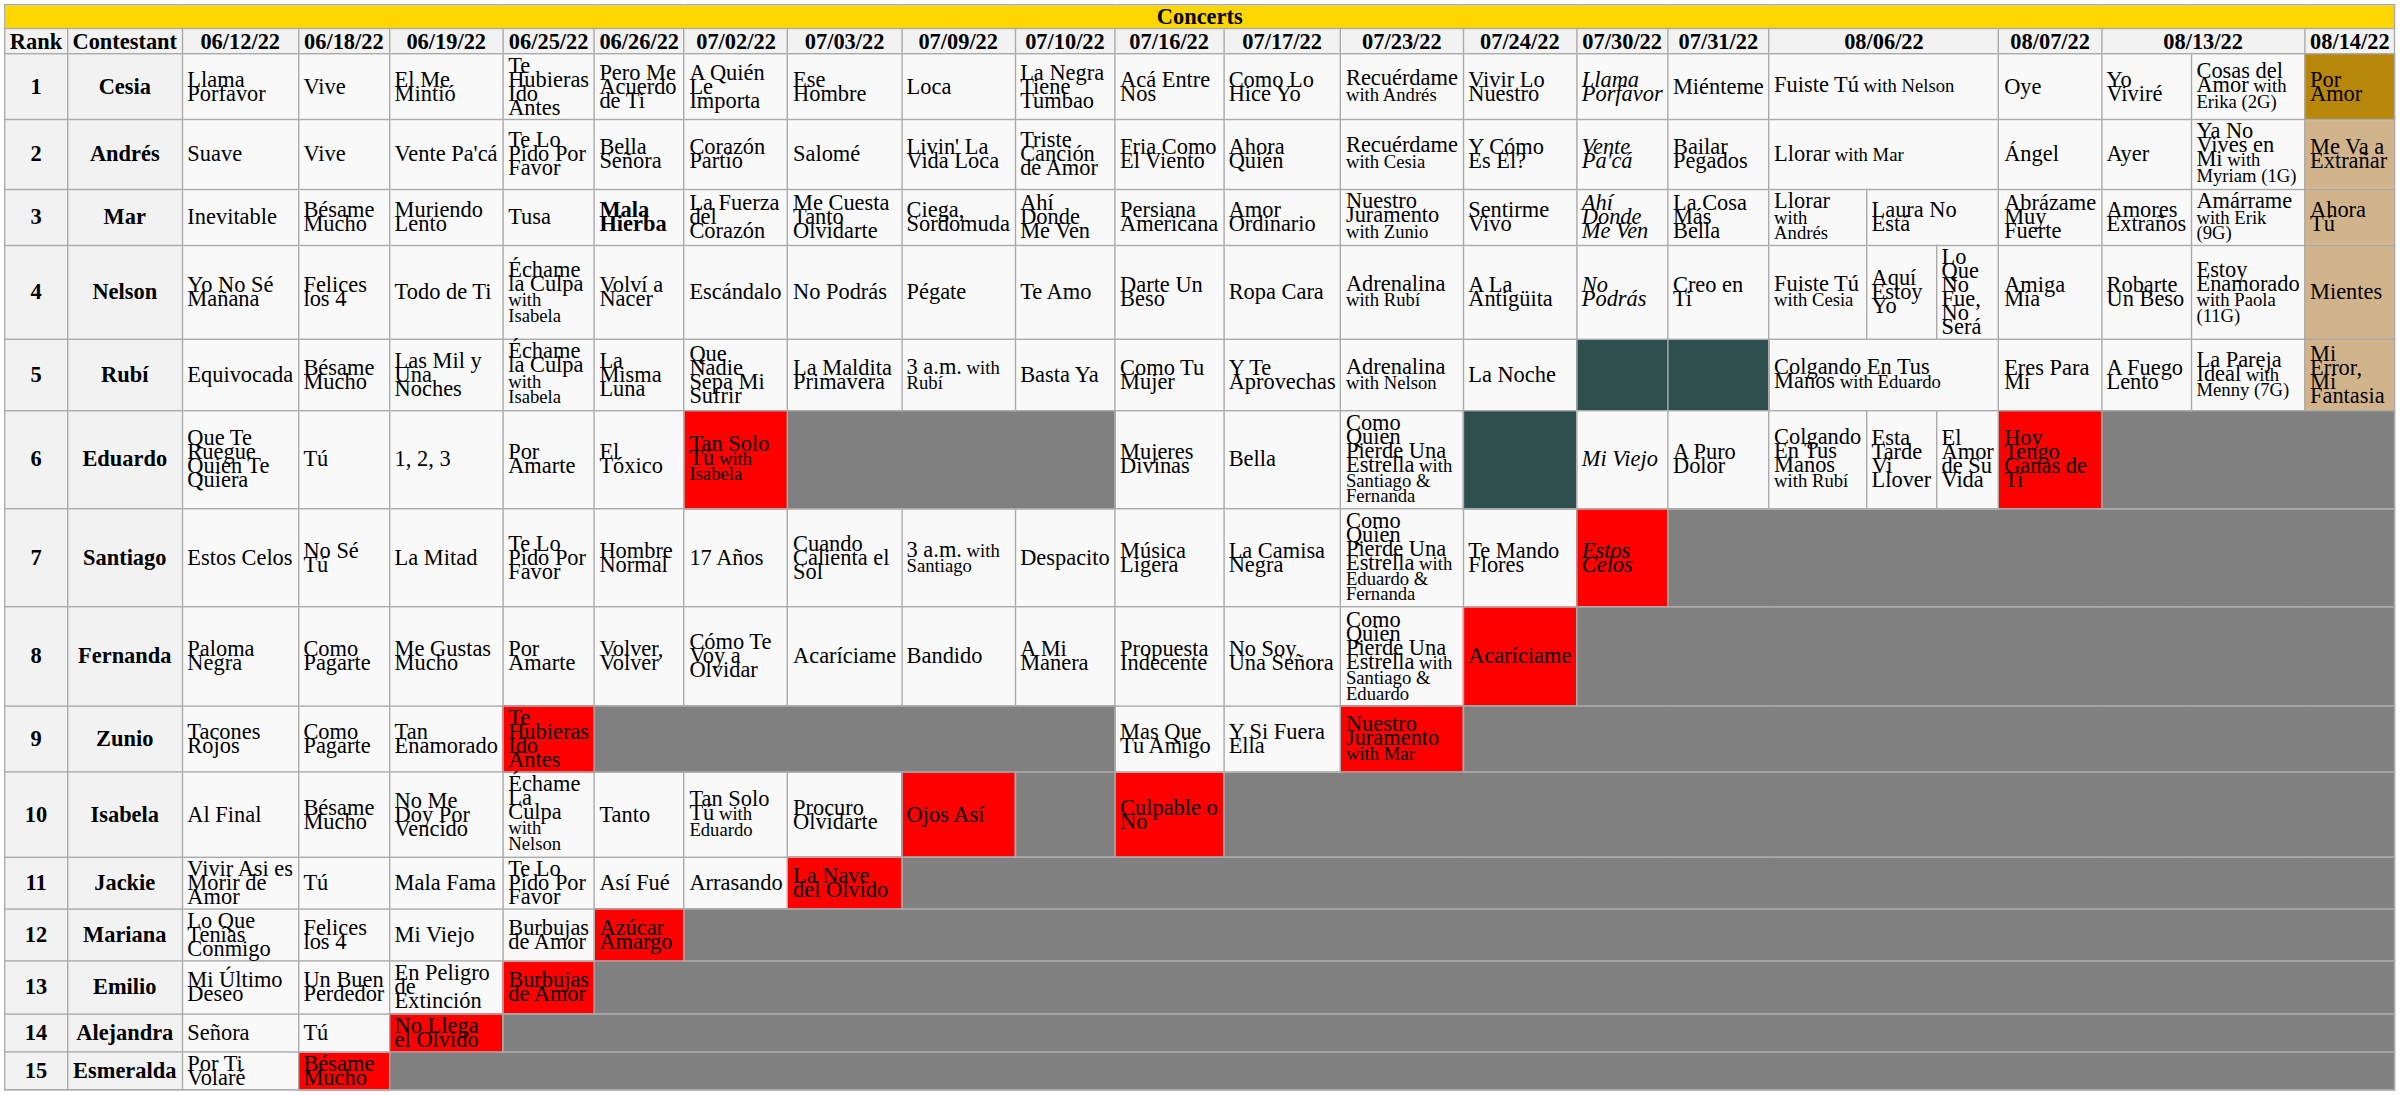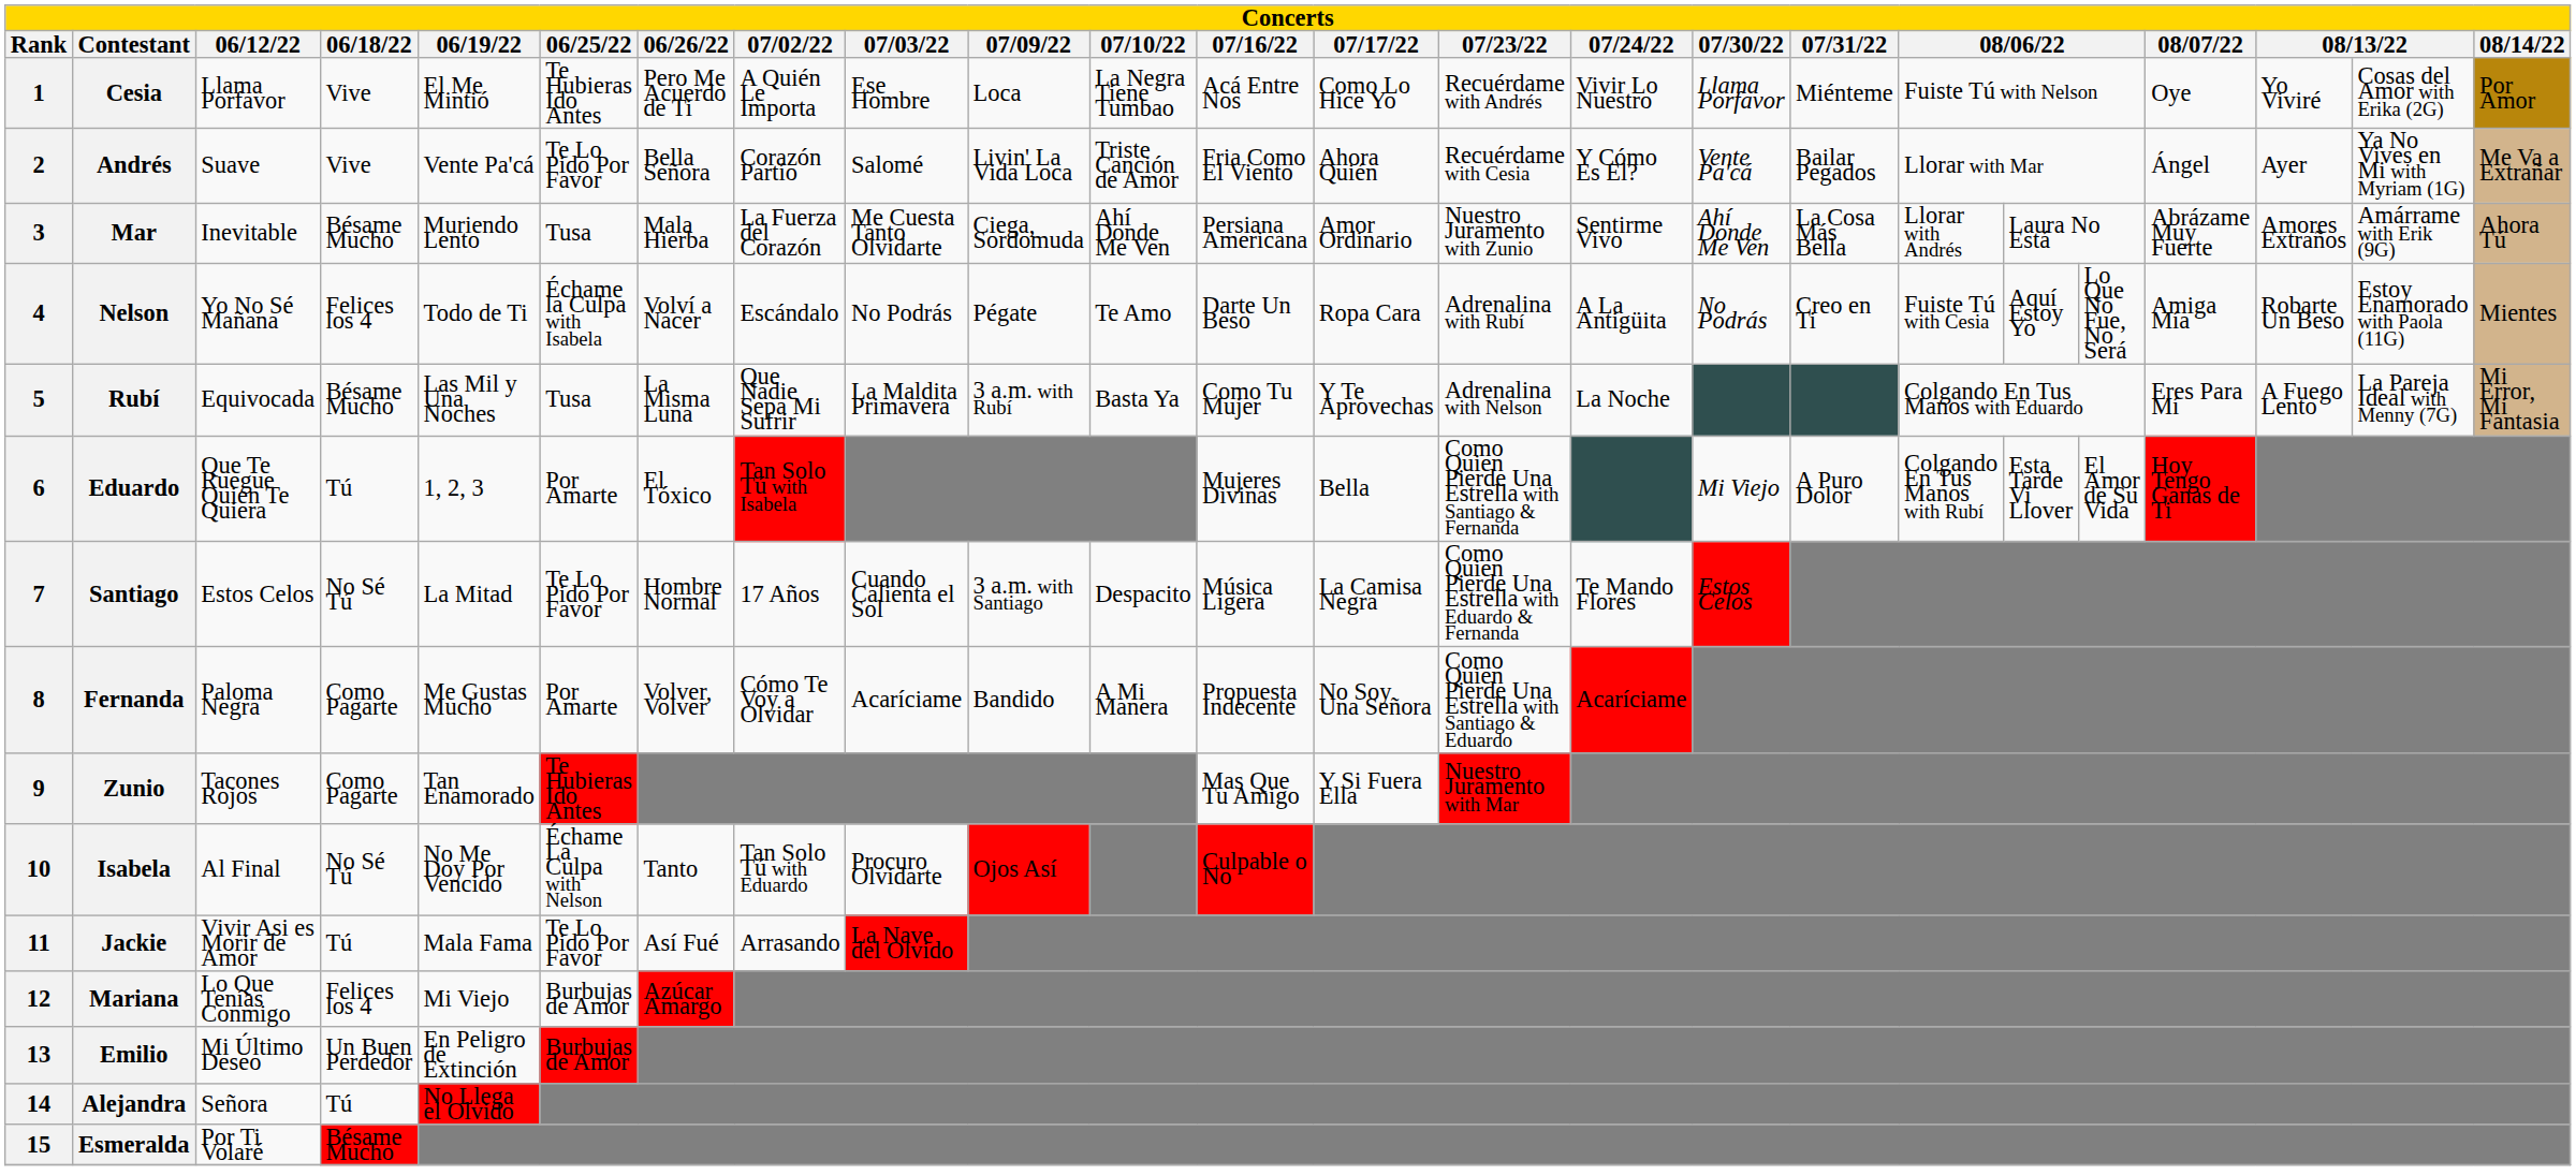 <table class="wikitable collapsible collapsed" style="text-align:left; line-height:10px; line-width:12px;">
 <tr>
 <th colspan="26" style="background:gold; color:Black;">Concerts</th>
 </tr>
 <tr>
 <th>Rank</th>
 <th>Contestant</th>
 <th>06/12/22</th>
 <th>06/18/22</th>
 <th>06/19/22</th>
 <th>06/25/22</th>
 <th>06/26/22</th>
 <th>07/02/22</th>
 <th>07/03/22</th>
 <th>07/09/22</th>
 <th>07/10/22</th>
 <th>07/16/22</th>
 <th>07/17/22</th>
 <th>07/23/22</th>
 <th>07/24/22</th>
 <th>07/30/22</th>
 <th>07/31/22</th>
 <th colspan="3">08/06/22</th>
 <th>08/07/22</th>
 <th colspan="2">08/13/22</th>
 <th>08/14/22</th>
 </tr>
 <tr>
 <th>1</th>
 <th>Cesia</th>
 <td>Llama Porfavor</td>
 <td>Vive</td>
 <td>El Me Mintió</td>
 <td>Te Hubieras Ido Antes</td>
 <td>Pero Me Acuerdo de Ti</td>
 <td>A Quién Le Importa</td>
 <td>Ese Hombre</td>
 <td>Loca</td>
 <td>La Negra Tiene Tumbao</td>
 <td>Acá Entre Nos</td>
 <td>Como Lo Hice Yo</td>
 <td>Recuérdame<small> with Andrés</small></td>
 <td>Vivir Lo Nuestro</td>
 <td><em>Llama Porfavor</em></td>
 <td>Miénteme</td>
 <td colspan="3">Fuiste Tú<small> with Nelson</small></td>
 <td>Oye</td>
 <td>Yo Viviré</td>
 <td>Cosas del Amor<small> with Erika (2G) </small></td>
 <td style="background:DarkGoldenrod;">Por Amor</td>
 </tr>
 <tr>
 <th>2</th>
 <th>Andrés</th>
 <td>Suave</td>
 <td>Vive</td>
 <td>Vente Pa'cá</td>
 <td>Te Lo Pido Por Favor</td>
 <td>Bella Señora</td>
 <td>Corazón Partío</td>
 <td>Salomé</td>
 <td>Livin' La Vida Loca</td>
 <td>Triste Canción de Amor</td>
 <td>Fria Como El Viento</td>
 <td>Ahora Quién</td>
 <td>Recuérdame<small> with Cesia</small></td>
 <td>Y Cómo Es El?</td>
 <td><em>Vente Pa'cá</em></td>
 <td>Bailar Pegados</td>
 <td colspan="3">Llorar<small> with Mar</small></td>
 <td>Ángel</td>
 <td>Ayer</td>
 <td>Ya No Vives en Mi<small> with Myriam (1G) </small></td>
 <td style="background:Tan;">Me Va a Extrañar</td>
 </tr>
 <tr>
 <th>3</th>
 <th>Mar</th>
 <td>Inevitable</td>
 <td>Bésame Mucho</td>
 <td>Muriendo Lento</td>
 <td>Tusa</td>
-<td><strong>Mala Hierba</strong></td>
+<td>Mala Hierba</td>
 <td>La Fuerza del Corazón</td>
 <td>Me Cuesta Tanto Olvidarte</td>
 <td>Ciega, Sordomuda</td>
 <td>Ahí Donde Me Ven</td>
 <td>Persiana Americana</td>
 <td>Amor Ordinario</td>
 <td>Nuestro Juramento<small> with Zunio</small></td>
 <td>Sentirme Vivo</td>
 <td><em>Ahí Donde Me Ven</em></td>
 <td>La Cosa Más Bella</td>
 <td>Llorar<small> with Andrés</small></td>
 <td colspan="2">Laura No Está</td>
 <td>Abrázame Muy Fuerte</td>
 <td>Amores Extraños</td>
 <td>Amárrame<small> with Erik (9G) </small></td>
 <td style="background:Tan;">Ahora Tú</td>
 </tr>
 <tr>
 <th>4</th>
 <th>Nelson</th>
 <td>Yo No Sé Mañana</td>
 <td>Felices los 4</td>
 <td>Todo de Ti</td>
 <td>Échame la Culpa<small> with Isabela</small></td>
 <td>Volví a Nacer</td>
 <td>Escándalo</td>
 <td>No Podrás</td>
 <td>Pégate</td>
 <td>Te Amo</td>
 <td>Darte Un Beso</td>
 <td>Ropa Cara</td>
 <td>Adrenalina<small> with Rubí</small></td>
 <td>A La Antigüita</td>
 <td><em>No Podrás</em></td>
 <td>Creo en Ti</td>
 <td>Fuiste Tú<small> with Cesia</small></td>
 <td>Aquí Estoy Yo</td>
 <td>Lo Que No Fue, No Será</td>
 <td>Amiga Mía</td>
 <td>Robarte Un Beso</td>
 <td>Estoy Enamorado<small> with Paola (11G) </small></td>
 <td style="background:Tan;">Mientes</td>
 </tr>
 <tr>
 <th>5</th>
 <th>Rubí</th>
 <td>Equivocada</td>
 <td>Bésame Mucho</td>
 <td>Las Mil y Una Noches</td>
-<td>Échame la Culpa<small> with Isabela</small></td>
+<td>Tusa</td>
 <td>La Misma Luna</td>
 <td>Que Nadie Sepa Mi Sufrir</td>
 <td>La Maldita Primavera</td>
 <td>3 a.m.<small> with Rubí</small></td>
 <td>Basta Ya</td>
 <td>Como Tu Mujer</td>
 <td>Y Te Aprovechas</td>
 <td>Adrenalina<small> with Nelson</small></td>
 <td>La Noche</td>
 <td style="background:DarkSlategrey;"></td>
 <td style="background:DarkSlategrey;"></td>
 <td colspan="3">Colgando En Tus Manos<small> with Eduardo</small></td>
 <td>Eres Para Mí</td>
 <td>A Fuego Lento</td>
 <td>La Pareja Ideal<small> with Menny (7G) </small></td>
 <td style="background:Tan;">Mi Error, Mi Fantasia</td>
 </tr>
 <tr>
 <th>6</th>
 <th>Eduardo</th>
 <td>Que Te Ruegue Quien Te Quiera</td>
 <td>Tú</td>
 <td>1, 2, 3</td>
 <td>Por Amarte</td>
 <td>El Tóxico</td>
 <td style="background:red;">Tan Solo Tú<small> with Isabela</small></td>
 <td style="background:gray;" colspan="3"></td>
 <td>Mujeres Divinas</td>
 <td>Bella</td>
 <td>Como Quien Pierde Una Estrella<small> with Santiago & Fernanda</small></td>
 <td style="background:DarkSlategrey;"></td>
 <td><em>Mi Viejo</em></td>
 <td>A Puro Dolor</td>
 <td>Colgando En Tus Manos<small> with Rubí</small></td>
 <td>Esta Tarde Vi Llover</td>
 <td>El Amor de Su Vida</td>
 <td style="background:red;">Hoy Tengo Ganas de Ti</td>
 <td style="background:gray;" colspan="22"></td>
 </tr>
 <tr>
 <th>7</th>
 <th>Santiago</th>
 <td>Estos Celos</td>
 <td>No Sé Tú</td>
 <td>La Mitad</td>
 <td>Te Lo Pido Por Favor</td>
 <td>Hombre Normal</td>
 <td>17 Años</td>
 <td>Cuando Calienta el Sol</td>
 <td>3 a.m.<small> with Santiago</small></td>
 <td>Despacito</td>
 <td>Música Ligera</td>
 <td>La Camisa Negra</td>
 <td>Como Quien Pierde Una Estrella<small> with Eduardo & Fernanda</small></td>
 <td>Te Mando Flores</td>
 <td style="background:red;"><em>Estos Celos</em></td>
 <td style="background:gray;" colspan="22"></td>
 </tr>
 <tr>
 <th>8</th>
 <th>Fernanda</th>
 <td>Paloma Negra</td>
 <td>Como Pagarte</td>
 <td>Me Gustas Mucho</td>
 <td>Por Amarte</td>
 <td>Volver, Volver</td>
 <td>Cómo Te Voy a Olvidar</td>
 <td>Acaríciame</td>
 <td>Bandido</td>
 <td>A Mi Manera</td>
 <td>Propuesta Indecente</td>
 <td>No Soy Una Señora</td>
 <td>Como Quien Pierde Una Estrella<small> with Santiago & Eduardo</small></td>
 <td style="background:red;">Acaríciame</td>
 <td style="background:gray;" colspan="22"></td>
 </tr>
 <tr>
 <th>9</th>
 <th>Zunio</th>
 <td>Tacones Rojos</td>
 <td>Como Pagarte</td>
 <td>Tan Enamorado</td>
 <td style="background:red;">Te Hubieras Ido Antes</td>
 <td style="background:gray;" colspan="5"></td>
 <td>Mas Que Tu Amigo</td>
 <td>Y Si Fuera Ella</td>
 <td style="background:red;">Nuestro Juramento<small> with Mar</small></td>
 <td style="background:gray;" colspan="22"></td>
 </tr>
 <tr>
 <th>10</th>
 <th>Isabela</th>
 <td>Al Final</td>
-<td>Bésame Mucho</td>
+<td>No Sé Tú</td>
 <td>No Me Doy Por Vencido</td>
 <td>Échame La Culpa<small> with Nelson</small></td>
 <td>Tanto</td>
 <td>Tan Solo Tú<small> with Eduardo</small></td>
 <td>Procuro Olvidarte</td>
 <td style="background:red;">Ojos Así</td>
 <td style="background:gray;"></td>
 <td style="background:red;">Culpable o No</td>
 <td style="background:gray;" colspan="22"></td>
 </tr>
 <tr>
 <th>11</th>
 <th>Jackie</th>
 <td>Vivir Asi es Morir de Amor</td>
 <td>Tú</td>
 <td>Mala Fama</td>
 <td>Te Lo Pido Por Favor</td>
 <td>Así Fué</td>
 <td>Arrasando</td>
 <td style="background:red;">La Nave del Olvido</td>
 <td style="background:gray;" colspan="22"></td>
 </tr>
 <tr>
 <th>12</th>
 <th>Mariana</th>
 <td>Lo Que Tenías Conmigo</td>
 <td>Felices los 4</td>
 <td>Mi Viejo</td>
 <td>Burbujas de Amor</td>
 <td style="background:red;">Azúcar Amargo</td>
 <td style="background:gray;" colspan="22"></td>
 </tr>
 <tr>
 <th>13</th>
 <th>Emilio</th>
 <td>Mi Último Deseo</td>
 <td>Un Buen Perdedor</td>
 <td>En Peligro de Extinción</td>
 <td style="background:red;">Burbujas de Amor</td>
 <td style="background:gray;" colspan="22"></td>
 </tr>
 <tr>
 <th>14</th>
 <th>Alejandra</th>
 <td>Señora</td>
 <td>Tú</td>
 <td style="background:red;">No Llega el Olvido</td>
 <td style="background:gray;" colspan="22"></td>
 </tr>
 <tr>
 <th>15</th>
 <th>Esmeralda</th>
 <td>Por Ti Volaré</td>
 <td style="background:red;">Bésame Mucho</td>
 <td style="background:gray;" colspan="22"></td>
 </tr>
 <tr>
 </tr>
 </table>
